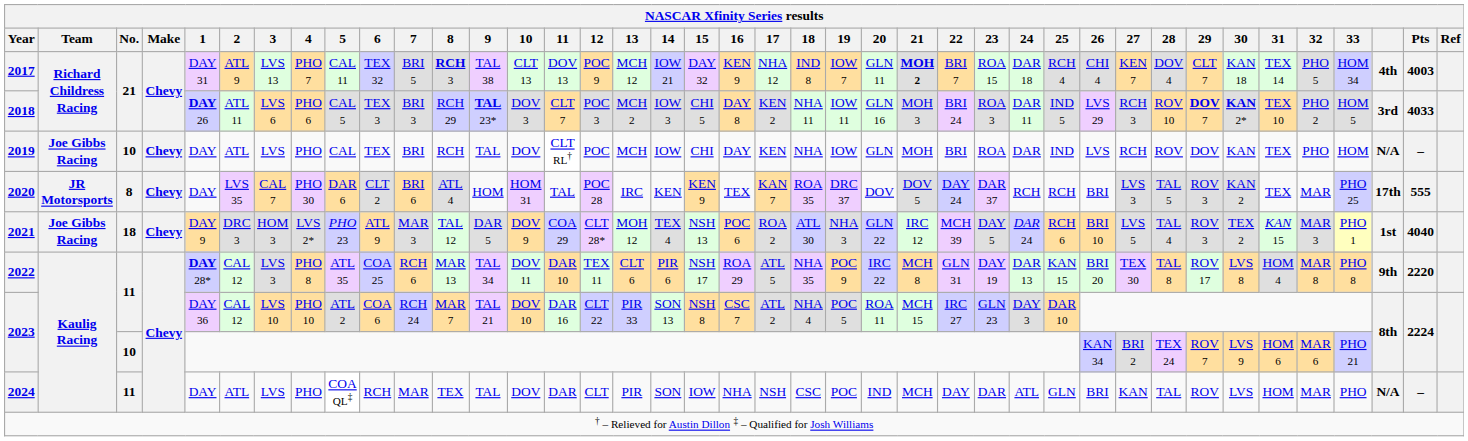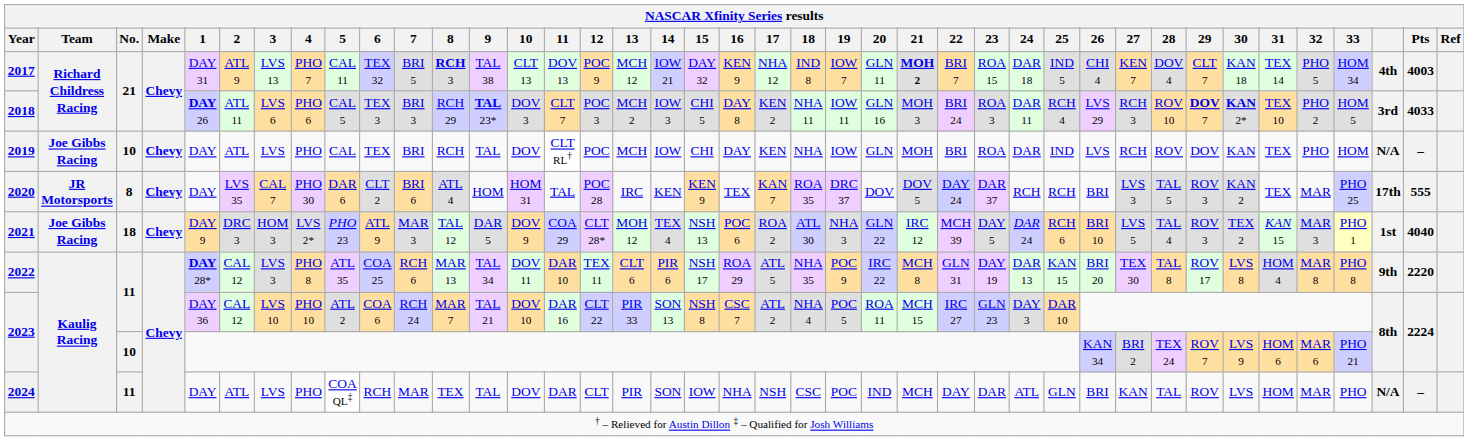 <table class="wikitable" style="text-align:center; font-size:75%">
 <tr>
 <th colspan=40><a href='#'>NASCAR Xfinity Series</a> results</th>
 </tr>
 <tr>
 <th>Year</th>
 <th>Team</th>
 <th>No.</th>
 <th>Make</th>
 <th>1</th>
 <th>2</th>
 <th>3</th>
 <th>4</th>
 <th>5</th>
 <th>6</th>
 <th>7</th>
 <th>8</th>
 <th>9</th>
 <th>10</th>
 <th>11</th>
 <th>12</th>
 <th>13</th>
 <th>14</th>
 <th>15</th>
 <th>16</th>
 <th>17</th>
 <th>18</th>
 <th>19</th>
 <th>20</th>
 <th>21</th>
 <th>22</th>
 <th>23</th>
 <th>24</th>
 <th>25</th>
 <th>26</th>
 <th>27</th>
 <th>28</th>
 <th>29</th>
 <th>30</th>
 <th>31</th>
 <th>32</th>
 <th>33</th>
 <th></th>
 <th>Pts</th>
 <th>Ref</th>
 </tr>
 <tr>
 <th><a href='#'>2017</a></th>
 <th rowspan=2><a href='#'>Richard Childress Racing</a></th>
 <th rowspan=2>21</th>
 <th rowspan=2><a href='#'>Chevy</a></th>
 <td style="background:#EFCFFF;"><a href='#'>DAY</a><br><small>31</small></td>
 <td style="background:#FFDF9F;"><a href='#'>ATL</a><br><small>9</small></td>
 <td style="background:#DFFFDF;"><a href='#'>LVS</a><br><small>13</small></td>
 <td style="background:#FFDF9F;"><a href='#'>PHO</a><br><small>7</small></td>
 <td style="background:#DFFFDF;"><a href='#'>CAL</a><br><small>11</small></td>
 <td style="background:#CFCFFF;"><a href='#'>TEX</a><br><small>32</small></td>
 <td style="background:#DFDFDF;"><a href='#'>BRI</a><br><small>5</small></td>
 <td style="background:#DFDFDF;"><strong><a href='#'>RCH</a></strong><br><small>3</small></td>
 <td style="background:#EFCFFF;"><a href='#'>TAL</a><br><small>38</small></td>
 <td style="background:#DFFFDF;"><a href='#'>CLT</a><br><small>13</small></td>
 <td style="background:#DFFFDF;"><a href='#'>DOV</a><br><small>13</small></td>
 <td style="background:#FFDF9F;"><a href='#'>POC</a><br><small>9</small></td>
 <td style="background:#DFFFDF;"><a href='#'>MCH</a><br><small>12</small></td>
 <td style="background:#CFCFFF;"><a href='#'>IOW</a><br><small>21</small></td>
 <td style="background:#EFCFFF;"><a href='#'>DAY</a><br><small>32</small></td>
 <td style="background:#FFDF9F;"><a href='#'>KEN</a><br><small>9</small></td>
 <td style="background:#DFFFDF;"><a href='#'>NHA</a><br><small>12</small></td>
 <td style="background:#FFDF9F;"><a href='#'>IND</a><br><small>8</small></td>
 <td style="background:#FFDF9F;"><a href='#'>IOW</a><br><small>7</small></td>
 <td style="background:#DFFFDF;"><a href='#'>GLN</a><br><small>11</small></td>
 <td style="background:#DFDFDF;"><strong><a href='#'>MOH</a><br><small>2</small></strong></td>
 <td style="background:#FFDF9F;"><a href='#'>BRI</a><br><small>7</small></td>
 <td style="background:#DFFFDF;"><a href='#'>ROA</a><br><small>15</small></td>
 <td style="background:#DFFFDF;"><a href='#'>DAR</a><br><small>18</small></td>
-<td style="background:#DFDFDF;"><a href='#'>RCH</a><br><small>4</small></td>
+<td style="background:#DFDFDF;"><a href='#'>IND</a><br><small>5</small></td>
 <td style="background:#DFDFDF;"><a href='#'>CHI</a><br><small>4</small></td>
 <td style="background:#FFDF9F;"><a href='#'>KEN</a><br><small>7</small></td>
 <td style="background:#DFDFDF;"><a href='#'>DOV</a><br><small>4</small></td>
 <td style="background:#FFDF9F;"><a href='#'>CLT</a><br><small>7</small></td>
 <td style="background:#DFFFDF;"><a href='#'>KAN</a><br><small>18</small></td>
 <td style="background:#DFFFDF;"><a href='#'>TEX</a><br><small>14</small></td>
 <td style="background:#DFDFDF;"><a href='#'>PHO</a><br><small>5</small></td>
 <td style="background:#CFCFFF;"><a href='#'>HOM</a><br><small>34</small></td>
 <th>4th</th>
 <th>4003</th>
 <th></th>
 </tr>
 <tr>
 <th><a href='#'>2018</a></th>
 <td style="background:#CFCFFF;"><strong><a href='#'>DAY</a></strong><br><small>26</small></td>
 <td style="background:#DFFFDF;"><a href='#'>ATL</a><br><small>11</small></td>
 <td style="background:#FFDF9F;"><a href='#'>LVS</a><br><small>6</small></td>
 <td style="background:#FFDF9F;"><a href='#'>PHO</a><br><small>6</small></td>
 <td style="background:#DFDFDF;"><a href='#'>CAL</a><br><small>5</small></td>
 <td style="background:#DFDFDF;"><a href='#'>TEX</a><br><small>3</small></td>
 <td style="background:#DFDFDF;"><a href='#'>BRI</a><br><small>3</small></td>
 <td style="background:#CFCFFF;"><a href='#'>RCH</a><br><small>29</small></td>
 <td style="background:#CFCFFF;"><strong><a href='#'>TAL</a></strong><br><small>23*</small></td>
 <td style="background:#DFDFDF;"><a href='#'>DOV</a><br><small>3</small></td>
 <td style="background:#FFDF9F;"><a href='#'>CLT</a><br><small>7</small></td>
 <td style="background:#DFDFDF;"><a href='#'>POC</a><br><small>3</small></td>
 <td style="background:#DFDFDF;"><a href='#'>MCH</a><br><small>2</small></td>
 <td style="background:#DFDFDF;"><a href='#'>IOW</a><br><small>3</small></td>
 <td style="background:#DFDFDF;"><a href='#'>CHI</a><br><small>5</small></td>
 <td style="background:#FFDF9F;"><a href='#'>DAY</a><br><small>8</small></td>
 <td style="background:#DFDFDF;"><a href='#'>KEN</a><br><small>2</small></td>
 <td style="background:#DFFFDF;"><a href='#'>NHA</a><br><small>11</small></td>
 <td style="background:#DFFFDF;"><a href='#'>IOW</a><br><small>11</small></td>
 <td style="background:#DFFFDF;"><a href='#'>GLN</a><br><small>16</small></td>
 <td style="background:#DFDFDF;"><a href='#'>MOH</a><br><small>3</small></td>
 <td style="background:#EFCFFF;"><a href='#'>BRI</a><br><small>24</small></td>
 <td style="background:#DFDFDF;"><a href='#'>ROA</a><br><small>3</small></td>
 <td style="background:#DFFFDF;"><a href='#'>DAR</a><br><small>11</small></td>
-<td style="background:#DFDFDF;"><a href='#'>IND</a><br><small>5</small></td>
+<td style="background:#DFDFDF;"><a href='#'>RCH</a><br><small>4</small></td>
 <td style="background:#EFCFFF;"><a href='#'>LVS</a><br><small>29</small></td>
 <td style="background:#DFDFDF;"><a href='#'>RCH</a><br><small>3</small></td>
 <td style="background:#FFDF9F;"><a href='#'>ROV</a><br><small>10</small></td>
 <td style="background:#FFDF9F;"><strong><a href='#'>DOV</a></strong><br><small>7</small></td>
 <td style="background:#DFDFDF;"><strong><a href='#'>KAN</a></strong><br><small>2*</small></td>
 <td style="background:#FFDF9F;"><a href='#'>TEX</a><br><small>10</small></td>
 <td style="background:#DFDFDF;"><a href='#'>PHO</a><br><small>2</small></td>
 <td style="background:#DFDFDF;"><a href='#'>HOM</a><br><small>5</small></td>
 <th>3rd</th>
 <th>4033</th>
 <th></th>
 </tr>
 <tr>
 <th><a href='#'>2019</a></th>
 <th><a href='#'>Joe Gibbs Racing</a></th>
 <th>10</th>
 <th><a href='#'>Chevy</a></th>
 <td><a href='#'>DAY</a></td>
 <td><a href='#'>ATL</a></td>
 <td><a href='#'>LVS</a></td>
 <td><a href='#'>PHO</a></td>
 <td><a href='#'>CAL</a></td>
 <td><a href='#'>TEX</a></td>
 <td><a href='#'>BRI</a></td>
 <td><a href='#'>RCH</a></td>
 <td><a href='#'>TAL</a></td>
 <td><a href='#'>DOV</a></td>
 <td style="background:#FFFFFF;"><a href='#'>CLT</a><br><small>RL<sup>†</sup></small></td>
 <td><a href='#'>POC</a></td>
 <td><a href='#'>MCH</a></td>
 <td><a href='#'>IOW</a></td>
 <td><a href='#'>CHI</a></td>
 <td><a href='#'>DAY</a></td>
 <td><a href='#'>KEN</a></td>
 <td><a href='#'>NHA</a></td>
 <td><a href='#'>IOW</a></td>
 <td><a href='#'>GLN</a></td>
 <td><a href='#'>MOH</a></td>
 <td><a href='#'>BRI</a></td>
 <td><a href='#'>ROA</a></td>
 <td><a href='#'>DAR</a></td>
 <td><a href='#'>IND</a></td>
 <td><a href='#'>LVS</a></td>
 <td><a href='#'>RCH</a></td>
 <td><a href='#'>ROV</a></td>
 <td><a href='#'>DOV</a></td>
 <td><a href='#'>KAN</a></td>
 <td><a href='#'>TEX</a></td>
 <td><a href='#'>PHO</a></td>
 <td><a href='#'>HOM</a></td>
 <th>N/A</th>
 <th>–</th>
 <th></th>
 </tr>
 <tr>
 <th><a href='#'>2020</a></th>
 <th><a href='#'>JR Motorsports</a></th>
 <th>8</th>
 <th><a href='#'>Chevy</a></th>
 <td><a href='#'>DAY</a></td>
 <td style="background:#EFCFFF;"><a href='#'>LVS</a><br><small>35</small></td>
 <td style="background:#FFDF9F;"><a href='#'>CAL</a><br><small>7</small></td>
 <td style="background:#EFCFFF;"><a href='#'>PHO</a><br><small>30</small></td>
 <td style="background:#FFDF9F;"><a href='#'>DAR</a><br><small>6</small></td>
 <td style="background:#DFDFDF;"><a href='#'>CLT</a><br><small>2</small></td>
 <td style="background:#FFDF9F;"><a href='#'>BRI</a><br><small>6</small></td>
 <td style="background:#DFDFDF;"><a href='#'>ATL</a><br><small>4</small></td>
 <td><a href='#'>HOM</a></td>
 <td style="background:#EFCFFF;"><a href='#'>HOM</a><br><small>31</small></td>
 <td><a href='#'>TAL</a></td>
 <td style="background:#EFCFFF;"><a href='#'>POC</a><br><small>28</small></td>
 <td><a href='#'>IRC</a></td>
 <td><a href='#'>KEN</a></td>
 <td style="background:#FFDF9F;"><a href='#'>KEN</a><br><small>9</small></td>
 <td><a href='#'>TEX</a></td>
 <td style="background:#FFDF9F;"><a href='#'>KAN</a><br><small>7</small></td>
 <td style="background:#EFCFFF;"><a href='#'>ROA</a><br><small>35</small></td>
 <td style="background:#EFCFFF;"><a href='#'>DRC</a><br><small>37</small></td>
 <td><a href='#'>DOV</a></td>
 <td style="background:#DFDFDF;"><a href='#'>DOV</a><br><small>5</small></td>
 <td style="background:#CFCFFF;"><a href='#'>DAY</a><br><small>24</small></td>
 <td style="background:#EFCFFF;"><a href='#'>DAR</a><br><small>37</small></td>
 <td><a href='#'>RCH</a></td>
 <td><a href='#'>RCH</a></td>
 <td><a href='#'>BRI</a></td>
 <td style="background:#DFDFDF;"><a href='#'>LVS</a><br><small>3</small></td>
 <td style="background:#DFDFDF;"><a href='#'>TAL</a><br><small>5</small></td>
 <td style="background:#DFDFDF;"><a href='#'>ROV</a><br><small>3</small></td>
 <td style="background:#DFDFDF;"><a href='#'>KAN</a><br><small>2</small></td>
 <td><a href='#'>TEX</a></td>
 <td><a href='#'>MAR</a></td>
 <td style="background:#CFCFFF;"><a href='#'>PHO</a><br><small>25</small></td>
 <th>17th</th>
 <th>555</th>
 <th></th>
 </tr>
 <tr>
 <th><a href='#'>2021</a></th>
 <th><a href='#'>Joe Gibbs Racing</a></th>
 <th>18</th>
 <th><a href='#'>Chevy</a></th>
 <td style="background:#FFDF9F;"><a href='#'>DAY</a><br><small>9</small></td>
 <td style="background:#DFDFDF;"><a href='#'>DRC</a><br><small>3</small></td>
 <td style="background:#DFDFDF;"><a href='#'>HOM</a><br><small>3</small></td>
 <td style="background:#DFDFDF;"><a href='#'>LVS</a><br><small>2*</small></td>
 <td style="background:#CFCFFF;"><em><a href='#'>PHO</a></em><br><small>23</small></td>
 <td style="background:#FFDF9F;"><a href='#'>ATL</a><br><small>9</small></td>
 <td style="background:#DFDFDF;"><a href='#'>MAR</a><br><small>3</small></td>
 <td style="background:#DFFFDF;"><a href='#'>TAL</a><br><small>12</small></td>
 <td style="background:#DFDFDF;"><a href='#'>DAR</a><br><small>5</small></td>
 <td style="background:#FFDF9F;"><a href='#'>DOV</a><br><small>9</small></td>
 <td style="background:#CFCFFF;"><a href='#'>COA</a><br><small>29</small></td>
 <td style="background:#EFCFFF;"><a href='#'>CLT</a><br><small>28*</small></td>
 <td style="background:#DFFFDF;"><a href='#'>MOH</a><br><small>12</small></td>
 <td style="background:#DFDFDF;"><a href='#'>TEX</a><br><small>4</small></td>
 <td style="background:#DFFFDF;"><a href='#'>NSH</a><br><small>13</small></td>
 <td style="background:#FFDF9F;"><a href='#'>POC</a><br><small>6</small></td>
 <td style="background:#DFDFDF;"><a href='#'>ROA</a><br><small>2</small></td>
 <td style="background:#CFCFFF;"><a href='#'>ATL</a><br><small>30</small></td>
 <td style="background:#DFDFDF;"><a href='#'>NHA</a><br><small>3</small></td>
 <td style="background:#CFCFFF;"><a href='#'>GLN</a><br><small>22</small></td>
 <td style="background:#DFFFDF;"><a href='#'>IRC</a><br><small>12</small></td>
 <td style="background:#EFCFFF;"><a href='#'>MCH</a><br><small>39</small></td>
 <td style="background:#DFDFDF;"><a href='#'>DAY</a><br><small>5</small></td>
 <td style="background:#CFCFFF;"><em><a href='#'>DAR</a></em><br><small>24</small></td>
 <td style="background:#FFDF9F;"><a href='#'>RCH</a><br><small>6</small></td>
 <td style="background:#FFDF9F;"><a href='#'>BRI</a><br><small>10</small></td>
 <td style="background:#DFDFDF;"><a href='#'>LVS</a><br><small>5</small></td>
 <td style="background:#DFDFDF;"><a href='#'>TAL</a><br><small>4</small></td>
 <td style="background:#DFDFDF;"><a href='#'>ROV</a><br><small>3</small></td>
 <td style="background:#DFDFDF;"><a href='#'>TEX</a><br><small>2</small></td>
 <td style="background:#DFFFDF;"><em><a href='#'>KAN</a></em><br><small>15</small></td>
 <td style="background:#DFDFDF;'"><a href='#'>MAR</a><br><small>3</small></td>
 <td style="background:#FFFFBF;"><a href='#'>PHO</a><br><small>1</small></td>
 <th>1st</th>
 <th>4040</th>
 <th></th>
 </tr>
 <tr>
 <th><a href='#'>2022</a></th>
 <th rowspan=4><a href='#'>Kaulig Racing</a></th>
 <th rowspan=2>11</th>
 <th rowspan=4><a href='#'>Chevy</a></th>
 <td style="background:#CFCFFF;"><strong><a href='#'>DAY</a></strong><br><small>28*</small></td>
 <td style="background:#DFFFDF;"><a href='#'>CAL</a><br><small>12</small></td>
 <td style="background:#DFDFDF;"><a href='#'>LVS</a><br><small>3</small></td>
 <td style="background:#FFDF9F;"><a href='#'>PHO</a><br><small>8</small></td>
 <td style="background:#EFCFFF;"><a href='#'>ATL</a><br><small>35</small></td>
 <td style="background:#CFCFFF;"><a href='#'>COA</a><br><small>25</small></td>
 <td style="background:#FFDF9F;"><a href='#'>RCH</a><br><small>6</small></td>
 <td style="background:#DFFFDF;"><a href='#'>MAR</a><br><small>13</small></td>
 <td style="background:#EFCFFF;"><a href='#'>TAL</a><br><small>34</small></td>
 <td style="background:#DFFFDF;"><a href='#'>DOV</a><br><small>11</small></td>
 <td style="background:#FFDF9F;"><a href='#'>DAR</a><br><small>10</small></td>
 <td style="background:#DFFFDF;"><a href='#'>TEX</a><br><small>11</small></td>
 <td style="background:#FFDF9F;"><a href='#'>CLT</a><br><small>6</small></td>
 <td style="background:#FFDF9F;"><a href='#'>PIR</a><br><small>6</small></td>
 <td style="background:#DFFFDF;"><a href='#'>NSH</a><br><small>17</small></td>
 <td style="background:#EFCFFF;"><a href='#'>ROA</a><br><small>29</small></td>
 <td style="background:#DFDFDF;"><a href='#'>ATL</a><br><small>5</small></td>
 <td style="background:#EFCFFF;"><a href='#'>NHA</a><br><small>35</small></td>
 <td style="background:#FFDF9F;"><a href='#'>POC</a><br><small>9</small></td>
 <td style="background:#CFCFFF;"><a href='#'>IRC</a><br><small>22</small></td>
 <td style="background:#FFDF9F;"><a href='#'>MCH</a><br><small>8</small></td>
 <td style="background:#EFCFFF;"><a href='#'>GLN</a><br><small>31</small></td>
 <td style="background:#EFCFFF;"><a href='#'>DAY</a><br><small>19</small></td>
 <td style="background:#DFFFDF;"><a href='#'>DAR</a><br><small>13</small></td>
 <td style="background:#DFFFDF;"><a href='#'>KAN</a><br><small>15</small></td>
 <td style="background:#DFFFDF;"><a href='#'>BRI</a><br><small>20</small></td>
 <td style="background:#EFCFFF;"><a href='#'>TEX</a><br><small>30</small></td>
 <td style="background:#FFDF9F;"><a href='#'>TAL</a><br><small>8</small></td>
 <td style="background:#DFFFDF;"><a href='#'>ROV</a><br><small>17</small></td>
 <td style="background:#FFDF9F;"><a href='#'>LVS</a><br><small>8</small></td>
 <td style="background:#DFDFDF;"><a href='#'>HOM</a><br><small>4</small></td>
 <td style="background:#FFDF9F;"><a href='#'>MAR</a><br><small>8</small></td>
 <td style="background:#FFDF9F;"><a href='#'>PHO</a><br><small>8</small></td>
 <th>9th</th>
 <th>2220</th>
 <th></th>
 </tr>
 <tr>
 <th rowspan=2><a href='#'>2023</a></th>
 <td style="background:#EFCFFF;"><a href='#'>DAY</a><br><small>36</small></td>
 <td style="background:#DFFFDF;"><a href='#'>CAL</a><br><small>12</small></td>
 <td style="background:#FFDF9F;"><a href='#'>LVS</a><br><small>10</small></td>
 <td style="background:#FFDF9F;"><a href='#'>PHO</a><br><small>10</small></td>
 <td style="background:#DFDFDF;"><a href='#'>ATL</a><br><small>2</small></td>
 <td style="background:#FFDF9F;"><a href='#'>COA</a><br><small>6</small></td>
 <td style="background:#CFCFFF;"><a href='#'>RCH</a><br><small>24</small></td>
 <td style="background:#FFDF9F;"><a href='#'>MAR</a><br><small>7</small></td>
 <td style="background:#EFCFFF;"><a href='#'>TAL</a><br><small>21</small></td>
 <td style="background:#FFDF9F;"><a href='#'>DOV</a><br><small>10</small></td>
 <td style="background:#DFFFDF;"><a href='#'>DAR</a><br><small>16</small></td>
 <td style="background:#CFCFFF;"><a href='#'>CLT</a><br><small>22</small></td>
 <td style="background:#CFCFFF;"><a href='#'>PIR</a><br><small>33</small></td>
 <td style="background:#DFFFDF;"><a href='#'>SON</a><br><small>13</small></td>
 <td style="background:#FFDF9F;"><a href='#'>NSH</a><br><small>8</small></td>
 <td style="background:#FFDF9F;"><a href='#'>CSC</a><br><small>7</small></td>
 <td style="background:#DFDFDF;"><a href='#'>ATL</a><br><small>2</small></td>
 <td style="background:#DFDFDF;"><a href='#'>NHA</a><br><small>4</small></td>
 <td style="background:#DFDFDF;"><a href='#'>POC</a><br><small>5</small></td>
 <td style="background:#DFFFDF;"><a href='#'>ROA</a><br><small>11</small></td>
 <td style="background:#DFFFDF;"><a href='#'>MCH</a><br><small>15</small></td>
 <td style="background:#CFCFFF;"><a href='#'>IRC</a><br><small>27</small></td>
 <td style="background:#CFCFFF;"><a href='#'>GLN</a><br><small>23</small></td>
 <td style="background:#DFDFDF;"><a href='#'>DAY</a><br><small>3</small></td>
 <td style="background:#FFDF9F;"><a href='#'>DAR</a><br><small>10</small></td>
 <td colspan=8></td>
 <th rowspan=2>8th</th>
 <th rowspan=2>2224</th>
 <th rowspan=2></th>
 </tr>
 <tr>
 <th>10</th>
 <td colspan=25></td>
 <td style="background:#CFCFFF;"><a href='#'>KAN</a><br><small>34</small></td>
 <td style="background:#DFDFDF;"><a href='#'>BRI</a><br><small>2</small></td>
 <td style="background:#EFCFFF;"><a href='#'>TEX</a><br><small>24</small></td>
 <td style="background:#FFDF9F;"><a href='#'>ROV</a><br><small>7</small></td>
 <td style="background:#FFDF9F;"><a href='#'>LVS</a><br><small>9</small></td>
 <td style="background:#FFDF9F;"><a href='#'>HOM</a><br><small>6</small></td>
 <td style="background:#FFDF9F;"><a href='#'>MAR</a><br><small>6</small></td>
 <td style="background:#CFCFFF;"><a href='#'>PHO</a><br><small>21</small></td>
 </tr>
 <tr>
 <th><a href='#'>2024</a></th>
 <th>11</th>
 <td><a href='#'>DAY</a></td>
 <td><a href='#'>ATL</a></td>
 <td><a href='#'>LVS</a></td>
 <td><a href='#'>PHO</a></td>
 <td style="background:#FFFFFF;"><a href='#'>COA</a><br><small>QL<sup>‡</sup></small></td>
 <td><a href='#'>RCH</a></td>
 <td><a href='#'>MAR</a></td>
 <td><a href='#'>TEX</a></td>
 <td><a href='#'>TAL</a></td>
 <td><a href='#'>DOV</a></td>
 <td><a href='#'>DAR</a></td>
 <td><a href='#'>CLT</a></td>
 <td><a href='#'>PIR</a></td>
 <td><a href='#'>SON</a></td>
 <td><a href='#'>IOW</a></td>
 <td><a href='#'>NHA</a></td>
 <td><a href='#'>NSH</a></td>
 <td><a href='#'>CSC</a></td>
 <td><a href='#'>POC</a></td>
 <td><a href='#'>IND</a></td>
 <td><a href='#'>MCH</a></td>
 <td><a href='#'>DAY</a></td>
 <td><a href='#'>DAR</a></td>
 <td><a href='#'>ATL</a></td>
 <td><a href='#'>GLN</a></td>
 <td><a href='#'>BRI</a></td>
 <td><a href='#'>KAN</a></td>
 <td><a href='#'>TAL</a></td>
 <td><a href='#'>ROV</a></td>
 <td><a href='#'>LVS</a></td>
 <td><a href='#'>HOM</a></td>
 <td><a href='#'>MAR</a></td>
 <td><a href='#'>PHO</a></td>
 <th>N/A</th>
 <th>–</th>
 <th></th>
 </tr>
 <tr>
 <td colspan=42><small><sup>†</sup> – Relieved for <a href='#'>Austin Dillon</a></small> <small><sup>‡</sup> – Qualified for <a href='#'>Josh Williams</a></small></td>
 </tr>
 </table>
